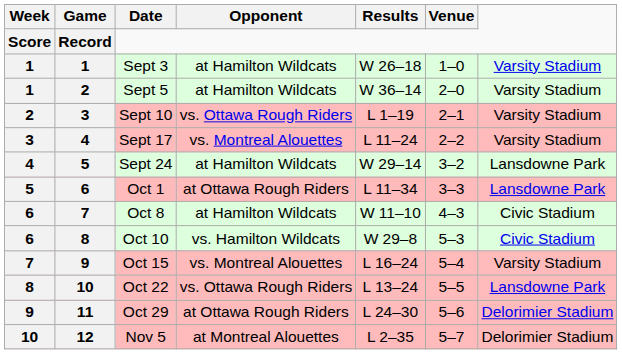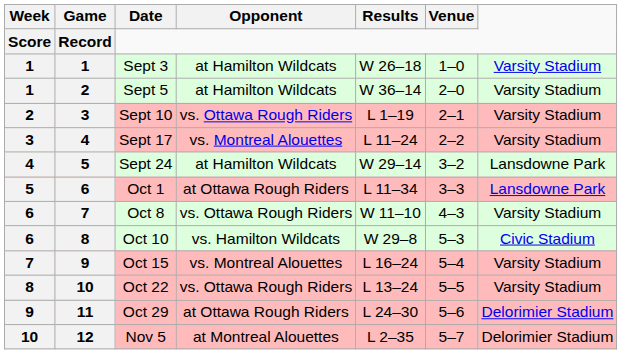 <table class="wikitable" style="text-align:center">
 <tr>
 <th>Week</th>
 <th>Game</th>
 <th>Date</th>
 <th>Opponent</th>
 <th>Results</th>
 <th>Venue</th>
 </tr>
 <tr>
 <th>Score</th>
 <th>Record</th>
 </tr>
 <tr style="background:#ddffdd">
 <th>1</th>
 <th>1</th>
 <td>Sept 3</td>
 <td>at Hamilton Wildcats</td>
 <td>W 26–18</td>
 <td>1–0</td>
 <td><a href='#'>Varsity Stadium</a></td>
 </tr>
 <tr style="background:#ddffdd">
 <th>1</th>
 <th>2</th>
 <td>Sept 5</td>
 <td>at Hamilton Wildcats</td>
 <td>W 36–14</td>
 <td>2–0</td>
 <td>Varsity Stadium</td>
 </tr>
 <tr style="background:#ffbbbb">
 <th>2</th>
 <th>3</th>
 <td>Sept 10</td>
 <td>vs. <a href='#'>Ottawa Rough Riders</a></td>
 <td>L 1–19</td>
 <td>2–1</td>
 <td>Varsity Stadium</td>
 </tr>
 <tr style="background:#ffbbbb">
 <th>3</th>
 <th>4</th>
 <td>Sept 17</td>
 <td>vs. <a href='#'>Montreal Alouettes</a></td>
 <td>L 11–24</td>
 <td>2–2</td>
 <td>Varsity Stadium</td>
 </tr>
 <tr style="background:#ddffdd">
 <th>4</th>
 <th>5</th>
 <td>Sept 24</td>
 <td>at Hamilton Wildcats</td>
 <td>W 29–14</td>
 <td>3–2</td>
 <td>Lansdowne Park</td>
 </tr>
 <tr style="background:#ffbbbb">
 <th>5</th>
 <th>6</th>
 <td>Oct 1</td>
 <td>at Ottawa Rough Riders</td>
 <td>L 11–34</td>
 <td>3–3</td>
 <td><a href='#'>Lansdowne Park</a></td>
 </tr>
 <tr style="background:#ddffdd">
 <th>6</th>
 <th>7</th>
 <td>Oct 8</td>
-<td>at Hamilton Wildcats</td>
+<td>vs. Ottawa Rough Riders</td>
 <td>W 11–10</td>
 <td>4–3</td>
-<td>Civic Stadium</td>
+<td>Varsity Stadium</td>
 </tr>
 <tr style="background:#ddffdd">
 <th>6</th>
 <th>8</th>
 <td>Oct 10</td>
 <td>vs. Hamilton Wildcats</td>
 <td>W 29–8</td>
 <td>5–3</td>
 <td><a href='#'>Civic Stadium</a></td>
 </tr>
 <tr style="background:#ffbbbb">
 <th>7</th>
 <th>9</th>
 <td>Oct 15</td>
 <td>vs. Montreal Alouettes</td>
 <td>L 16–24</td>
 <td>5–4</td>
 <td>Varsity Stadium</td>
 </tr>
 <tr style="background:#ffbbbb">
 <th>8</th>
 <th>10</th>
 <td>Oct 22</td>
 <td>vs. Ottawa Rough Riders</td>
 <td>L 13–24</td>
 <td>5–5</td>
-<td><a href='#'>Lansdowne Park</a></td>
+<td>Varsity Stadium</td>
 </tr>
 <tr style="background:#ffbbbb">
 <th>9</th>
 <th>11</th>
 <td>Oct 29</td>
 <td>at Ottawa Rough Riders</td>
 <td>L 24–30</td>
 <td>5–6</td>
 <td><a href='#'>Delorimier Stadium</a></td>
 </tr>
 <tr style="background:#ffbbbb">
 <th>10</th>
 <th>12</th>
 <td>Nov 5</td>
 <td>at Montreal Alouettes</td>
 <td>L 2–35</td>
 <td>5–7</td>
 <td>Delorimier Stadium</td>
 </tr>
 </table>
